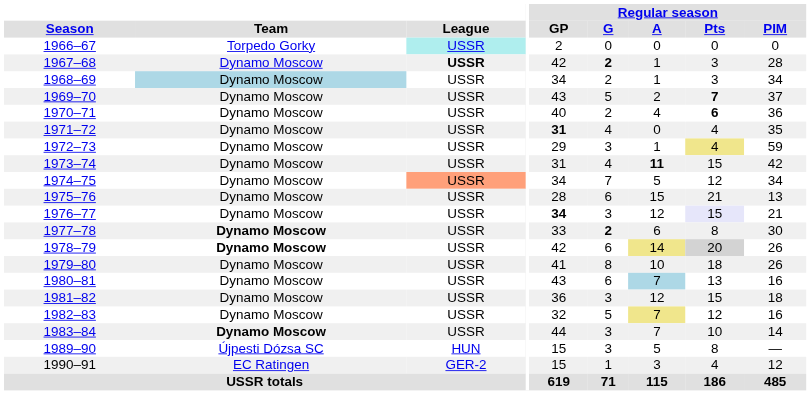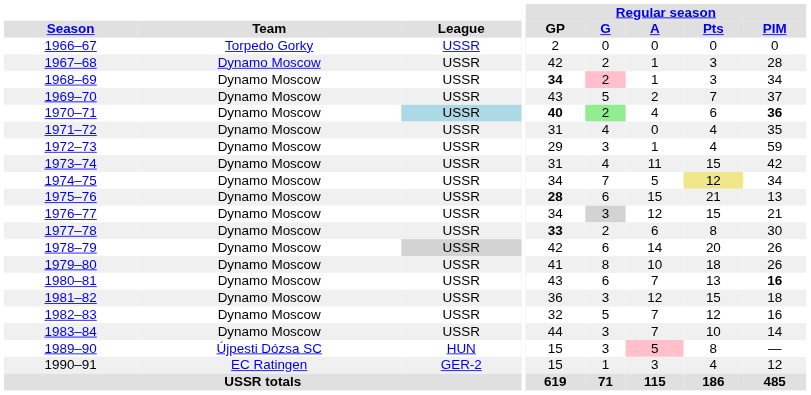 <table border="0" cellpadding="1" cellspacing="0" style="text-align:center; width:60em">
 <tr bgcolor="#e0e0e0">
 <th colspan="3" bgcolor="#ffffff"></th>
 <th rowspan="100" bgcolor="#ffffff"></th>
 <th colspan="5"><a href='#'>Regular season</a></th>
 </tr>
 <tr bgcolor="#e0e0e0">
 <th><a href='#'>Season</a></th>
 <th>Team</th>
 <th>League</th>
 <th>GP</th>
 <th><a href='#'>G</a></th>
 <th><a href='#'>A</a></th>
 <th><a href='#'>Pts</a></th>
 <th><a href='#'>PIM</a></th>
 </tr>
 <tr>
 <td><a href='#'>1966–67</a></td>
 <td><a href='#'>Torpedo Gorky</a></td>
-<td style="background: paleturquoise;"><a href='#'>USSR</a></td>
+<td><a href='#'>USSR</a></td>
 <td>2</td>
 <td>0</td>
 <td>0</td>
 <td>0</td>
 <td>0</td>
 </tr>
 <tr bgcolor="#f0f0f0">
 <td><a href='#'>1967–68</a></td>
 <td><a href='#'>Dynamo Moscow</a></td>
-<td><strong>USSR</strong></td>
+<td>USSR</td>
 <td>42</td>
-<td><strong>2</strong></td>
+<td>2</td>
 <td>1</td>
 <td>3</td>
 <td>28</td>
 </tr>
 <tr>
 <td><a href='#'>1968–69</a></td>
-<td style="background: lightblue;">Dynamo Moscow</td>
+<td>Dynamo Moscow</td>
 <td>USSR</td>
-<td>34</td>
-<td>2</td>
+<td><strong>34</strong></td>
+<td style="background: pink;">2</td>
 <td>1</td>
 <td>3</td>
 <td>34</td>
 </tr>
 <tr bgcolor="#f0f0f0">
 <td><a href='#'>1969–70</a></td>
 <td>Dynamo Moscow</td>
 <td>USSR</td>
 <td>43</td>
 <td>5</td>
 <td>2</td>
-<td><strong>7</strong></td>
+<td>7</td>
 <td>37</td>
 </tr>
 <tr>
 <td><a href='#'>1970–71</a></td>
 <td>Dynamo Moscow</td>
-<td>USSR</td>
-<td>40</td>
-<td>2</td>
+<td style="background: lightblue;">USSR</td>
+<td><strong>40</strong></td>
+<td style="background: lightgreen;">2</td>
 <td>4</td>
-<td><strong>6</strong></td>
-<td>36</td>
+<td>6</td>
+<td><strong>36</strong></td>
 </tr>
 <tr bgcolor="#f0f0f0">
 <td><a href='#'>1971–72</a></td>
 <td>Dynamo Moscow</td>
 <td>USSR</td>
-<td><strong>31</strong></td>
+<td>31</td>
 <td>4</td>
 <td>0</td>
 <td>4</td>
 <td>35</td>
 </tr>
 <tr>
 <td><a href='#'>1972–73</a></td>
 <td>Dynamo Moscow</td>
 <td>USSR</td>
 <td>29</td>
 <td>3</td>
 <td>1</td>
-<td style="background: khaki;">4</td>
+<td>4</td>
 <td>59</td>
 </tr>
 <tr bgcolor="#f0f0f0">
 <td><a href='#'>1973–74</a></td>
 <td>Dynamo Moscow</td>
 <td>USSR</td>
 <td>31</td>
 <td>4</td>
-<td><strong>11</strong></td>
+<td>11</td>
 <td>15</td>
 <td>42</td>
 </tr>
 <tr>
 <td><a href='#'>1974–75</a></td>
 <td>Dynamo Moscow</td>
-<td style="background: lightsalmon;">USSR</td>
+<td>USSR</td>
 <td>34</td>
 <td>7</td>
 <td>5</td>
-<td>12</td>
+<td style="background: khaki;">12</td>
 <td>34</td>
 </tr>
 <tr bgcolor="#f0f0f0">
 <td><a href='#'>1975–76</a></td>
 <td>Dynamo Moscow</td>
 <td>USSR</td>
-<td>28</td>
+<td><strong>28</strong></td>
 <td>6</td>
 <td>15</td>
 <td>21</td>
 <td>13</td>
 </tr>
 <tr>
 <td><a href='#'>1976–77</a></td>
 <td>Dynamo Moscow</td>
 <td>USSR</td>
-<td><strong>34</strong></td>
-<td>3</td>
+<td>34</td>
+<td style="background: lightgrey;">3</td>
 <td>12</td>
-<td style="background: lavender;">15</td>
+<td>15</td>
 <td>21</td>
 </tr>
 <tr bgcolor="#f0f0f0">
 <td><a href='#'>1977–78</a></td>
-<td><strong>Dynamo Moscow</strong></td>
+<td>Dynamo Moscow</td>
 <td>USSR</td>
-<td>33</td>
-<td><strong>2</strong></td>
+<td><strong>33</strong></td>
+<td>2</td>
 <td>6</td>
 <td>8</td>
 <td>30</td>
 </tr>
 <tr>
 <td><a href='#'>1978–79</a></td>
-<td><strong>Dynamo Moscow</strong></td>
-<td>USSR</td>
+<td>Dynamo Moscow</td>
+<td style="background: lightgrey;">USSR</td>
 <td>42</td>
 <td>6</td>
-<td style="background: khaki;">14</td>
-<td style="background: lightgrey;">20</td>
+<td>14</td>
+<td>20</td>
 <td>26</td>
 </tr>
 <tr bgcolor="#f0f0f0">
 <td><a href='#'>1979–80</a></td>
 <td>Dynamo Moscow</td>
 <td>USSR</td>
 <td>41</td>
 <td>8</td>
 <td>10</td>
 <td>18</td>
 <td>26</td>
 </tr>
 <tr>
 <td><a href='#'>1980–81</a></td>
 <td>Dynamo Moscow</td>
 <td>USSR</td>
 <td>43</td>
 <td>6</td>
-<td style="background: lightblue;">7</td>
+<td>7</td>
 <td>13</td>
-<td>16</td>
+<td><strong>16</strong></td>
 </tr>
 <tr bgcolor="#f0f0f0">
 <td><a href='#'>1981–82</a></td>
 <td>Dynamo Moscow</td>
 <td>USSR</td>
 <td>36</td>
 <td>3</td>
 <td>12</td>
 <td>15</td>
 <td>18</td>
 </tr>
 <tr>
 <td><a href='#'>1982–83</a></td>
 <td>Dynamo Moscow</td>
 <td>USSR</td>
 <td>32</td>
 <td>5</td>
-<td style="background: khaki;">7</td>
+<td>7</td>
 <td>12</td>
 <td>16</td>
 </tr>
 <tr bgcolor="#f0f0f0">
 <td><a href='#'>1983–84</a></td>
-<td><strong>Dynamo Moscow</strong></td>
+<td>Dynamo Moscow</td>
 <td>USSR</td>
 <td>44</td>
 <td>3</td>
 <td>7</td>
 <td>10</td>
 <td>14</td>
 </tr>
 <tr>
 <td><a href='#'>1989–90</a></td>
 <td><a href='#'>Újpesti Dózsa SC</a></td>
 <td><a href='#'>HUN</a></td>
 <td>15</td>
 <td>3</td>
-<td>5</td>
+<td style="background: pink;">5</td>
 <td>8</td>
 <td>—</td>
 <td></td>
 </tr>
 <tr bgcolor="#f0f0f0">
 <td>1990–91</td>
 <td><a href='#'>EC Ratingen</a></td>
 <td><a href='#'>GER-2</a></td>
 <td>15</td>
 <td>1</td>
 <td>3</td>
 <td>4</td>
 <td>12</td>
 </tr>
 <tr bgcolor="#e0e0e0">
 <th colspan="3">USSR totals</th>
 <th>619</th>
 <th>71</th>
 <th>115</th>
 <th>186</th>
 <th>485</th>
 </tr>
 </table>
